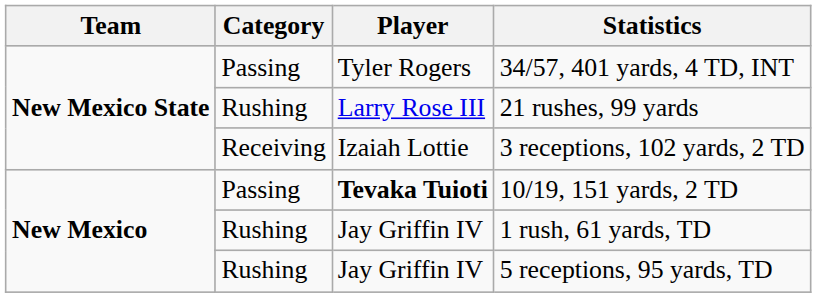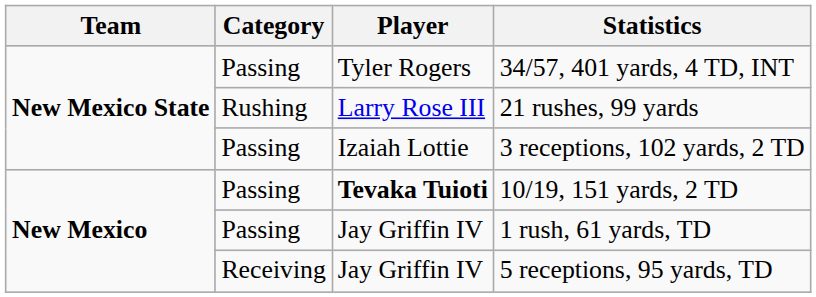 <table class="wikitable" style="float: right;">
 <tr>
 <th>Team</th>
 <th>Category</th>
 <th>Player</th>
 <th>Statistics</th>
 </tr>
 <tr>
 <td rowspan=3><strong>New Mexico State</strong></td>
 <td>Passing</td>
 <td>Tyler Rogers</td>
 <td>34/57, 401 yards, 4 TD, INT</td>
 </tr>
 <tr>
 <td>Rushing</td>
 <td><a href='#'>Larry Rose III</a></td>
 <td>21 rushes, 99 yards</td>
 </tr>
 <tr>
-<td>Receiving</td>
+<td>Passing</td>
 <td>Izaiah Lottie</td>
 <td>3 receptions, 102 yards, 2 TD</td>
 </tr>
 <tr>
 <td rowspan=3><strong>New Mexico</strong></td>
 <td>Passing</td>
 <td><strong>Tevaka Tuioti</strong></td>
 <td>10/19, 151 yards, 2 TD</td>
 </tr>
 <tr>
-<td>Rushing</td>
+<td>Passing</td>
 <td>Jay Griffin IV</td>
 <td>1 rush, 61 yards, TD</td>
 </tr>
 <tr>
-<td>Rushing</td>
+<td>Receiving</td>
 <td>Jay Griffin IV</td>
 <td>5 receptions, 95 yards, TD</td>
 </tr>
 </table>
